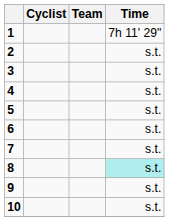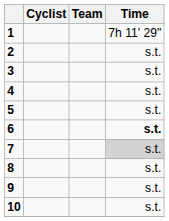 <table class="wikitable">
 <tr style="background:#ccccff;">
 <th></th>
 <th>Cyclist</th>
 <th>Team</th>
 <th>Time</th>
 </tr>
 <tr>
 <td><strong>1</strong></td>
 <td></td>
 <td></td>
 <td align=right>7h 11' 29"</td>
 </tr>
 <tr>
 <td><strong>2</strong></td>
 <td></td>
 <td></td>
 <td align=right>s.t.</td>
 </tr>
 <tr>
 <td><strong>3</strong></td>
 <td></td>
 <td></td>
 <td align=right>s.t.</td>
 </tr>
 <tr>
 <td><strong>4</strong></td>
 <td></td>
 <td></td>
 <td align=right>s.t.</td>
 </tr>
 <tr>
 <td><strong>5</strong></td>
 <td></td>
 <td></td>
 <td align=right>s.t.</td>
 </tr>
 <tr>
 <td><strong>6</strong></td>
 <td></td>
 <td></td>
-<td align=right>s.t.</td>
+<td align=right><strong>s.t.</strong></td>
 </tr>
 <tr>
 <td><strong>7</strong></td>
 <td></td>
 <td></td>
-<td align=right>s.t.</td>
+<td align=right style="background: lightgrey;">s.t.</td>
 </tr>
 <tr>
 <td><strong>8</strong></td>
 <td></td>
 <td></td>
-<td align=right style="background: paleturquoise;">s.t.</td>
+<td align=right>s.t.</td>
 </tr>
 <tr>
 <td><strong>9</strong></td>
 <td></td>
 <td></td>
 <td align=right>s.t.</td>
 </tr>
 <tr>
 <td><strong>10</strong></td>
 <td></td>
 <td></td>
 <td align=right>s.t.</td>
 </tr>
 <tr>
 </tr>
 </table>
